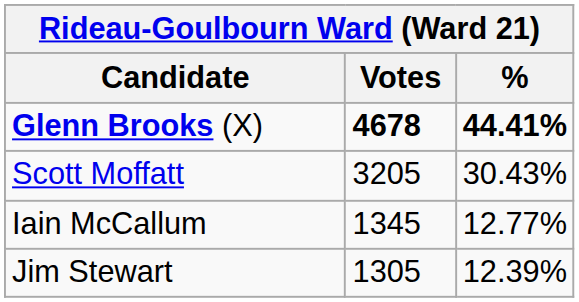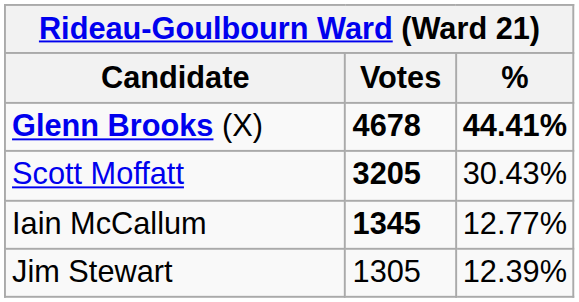 <table class="wikitable">
 <tr>
 <th colspan="3"><a href='#'>Rideau-Goulbourn Ward</a> (Ward 21)</th>
 </tr>
 <tr>
 <th style="width: 170px">Candidate</th>
 <th style="width: 50px">Votes</th>
 <th style="width: 40px">%</th>
 </tr>
 <tr>
 <td><strong><a href='#'>Glenn Brooks</a></strong> (X)</td>
 <td><strong>4678</strong></td>
 <td><strong>44.41%</strong></td>
 </tr>
 <tr>
 <td><a href='#'>Scott Moffatt</a></td>
-<td>3205</td>
+<td><strong>3205</strong></td>
 <td>30.43%</td>
 </tr>
 <tr>
 <td>Iain McCallum</td>
-<td>1345</td>
+<td><strong>1345</strong></td>
 <td>12.77%</td>
 </tr>
 <tr>
 <td>Jim Stewart</td>
 <td>1305</td>
 <td>12.39%</td>
 </tr>
 </table>
